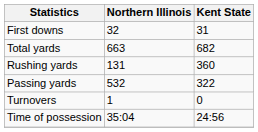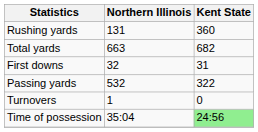 <table class="wikitable">
 <tr>
 <th>Statistics</th>
 <th>Northern Illinois</th>
 <th>Kent State</th>
 </tr>
 <tr>
-<td>First downs</td>
-<td>32</td>
-<td>31</td>
+<td>Rushing yards</td>
+<td>131</td>
+<td>360</td>
 </tr>
 <tr>
 <td>Total yards</td>
 <td>663</td>
 <td>682</td>
 </tr>
 <tr>
-<td>Rushing yards</td>
-<td>131</td>
-<td>360</td>
+<td>First downs</td>
+<td>32</td>
+<td>31</td>
 </tr>
 <tr>
 <td>Passing yards</td>
 <td>532</td>
 <td>322</td>
 </tr>
 <tr>
 <td>Turnovers</td>
 <td>1</td>
 <td>0</td>
 </tr>
 <tr>
 <td>Time of possession</td>
 <td>35:04</td>
-<td>24:56</td>
+<td style="background: lightgreen;">24:56</td>
 </tr>
 <tr>
 </tr>
 </table>
